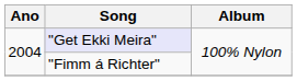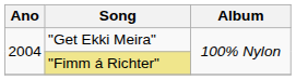 <table class="wikitable">
 <tr>
 <th>Ano</th>
 <th width="150">Song</th>
 <th width="100">Album</th>
 </tr>
 <tr>
 <td align="center" rowspan="2">2004</td>
-<td style="background: lavender;">"Get Ekki Meira"</td>
+<td>"Get Ekki Meira"</td>
 <td align="center" rowspan="2"><em>100% Nylon</em></td>
 </tr>
 <tr>
-<td>"Fimm á Richter"</td>
+<td style="background: khaki;">"Fimm á Richter"</td>
 </tr>
 <tr>
 </tr>
 </table>
